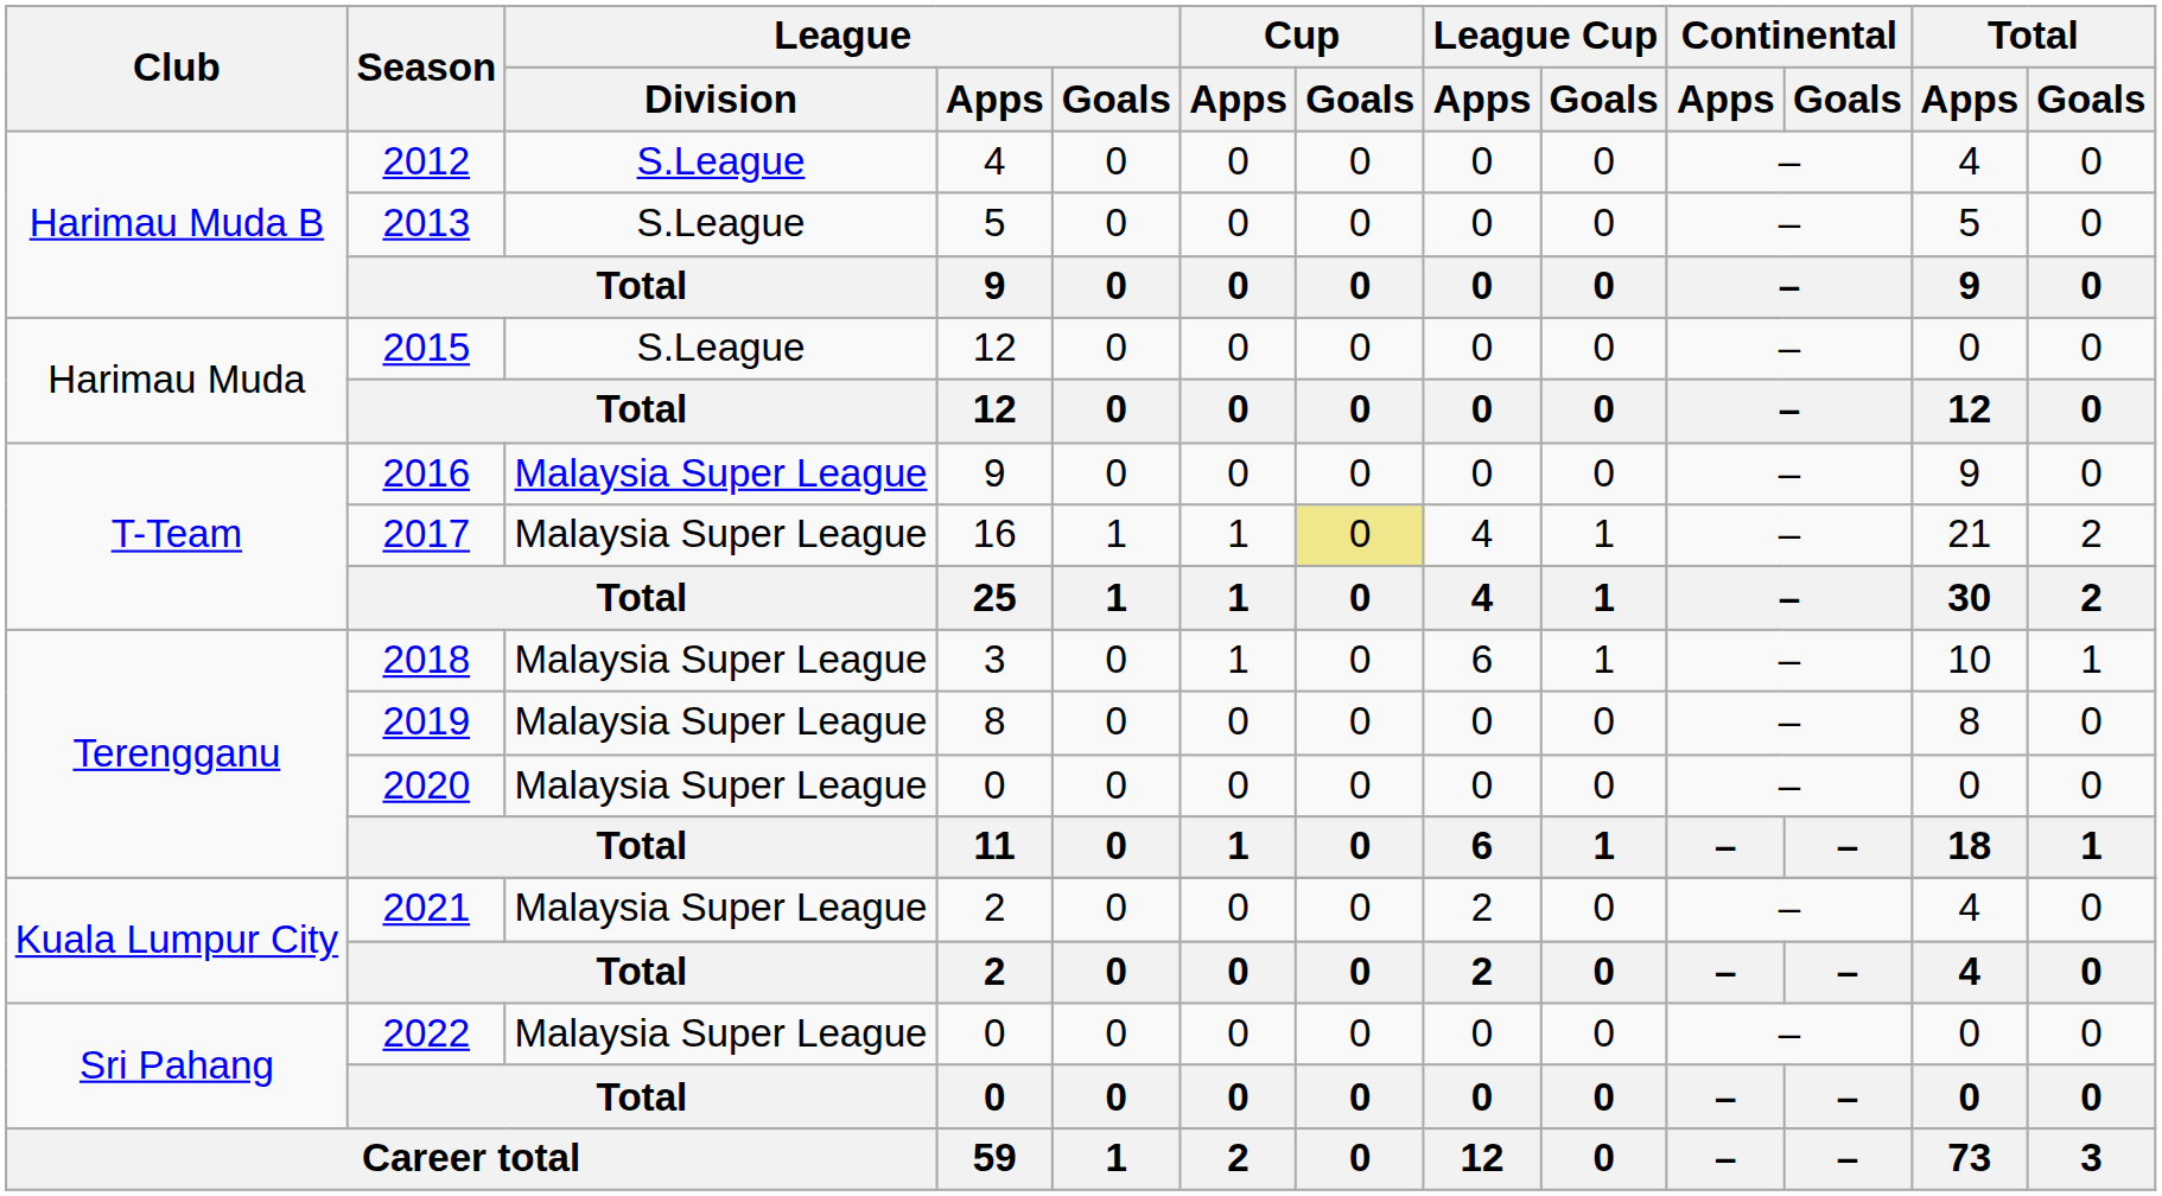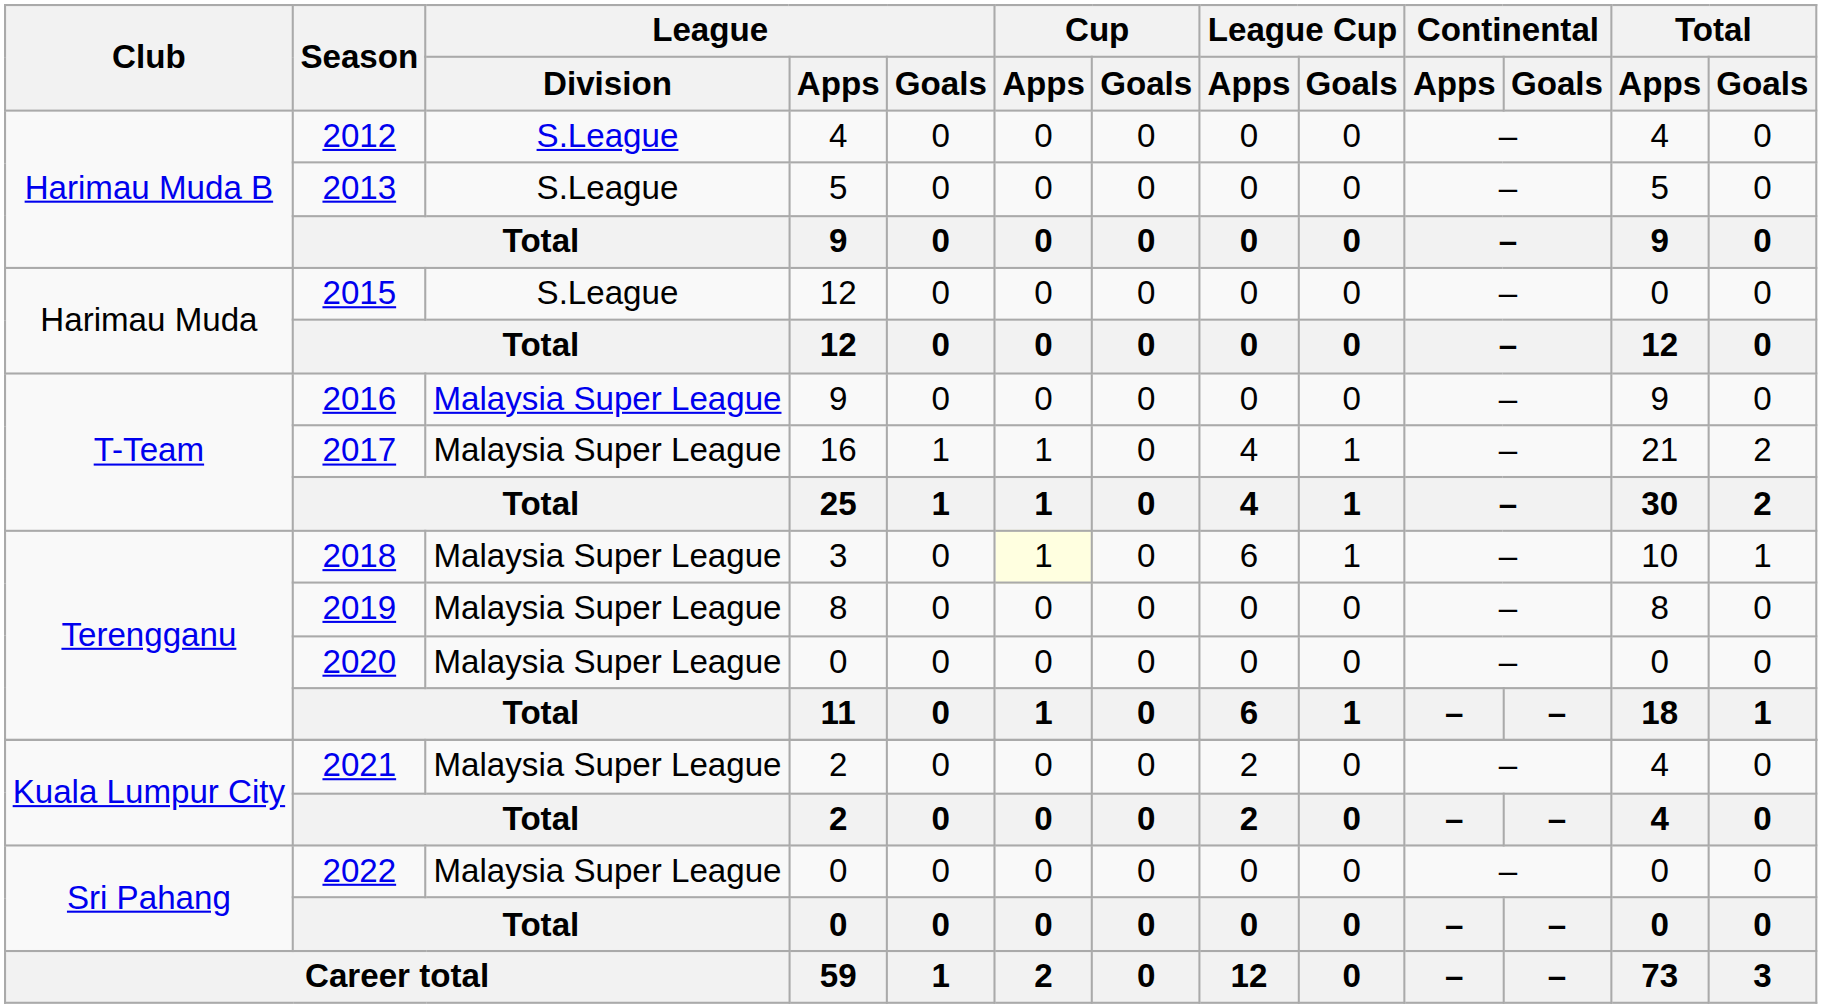 <table class=wikitable style="text-align:center">
 <tr>
 <th rowspan=2>Club</th>
 <th rowspan=2>Season</th>
 <th colspan=3>League</th>
 <th colspan=2>Cup</th>
 <th colspan=2>League Cup</th>
 <th colspan=2>Continental</th>
 <th colspan=2>Total</th>
 </tr>
 <tr>
 <th>Division</th>
 <th>Apps</th>
 <th>Goals</th>
 <th>Apps</th>
 <th>Goals</th>
 <th>Apps</th>
 <th>Goals</th>
 <th>Apps</th>
 <th>Goals</th>
 <th>Apps</th>
 <th>Goals</th>
 </tr>
 <tr>
 <td rowspan=3><a href='#'>Harimau Muda B</a></td>
 <td><a href='#'>2012</a></td>
 <td><a href='#'>S.League</a></td>
 <td>4</td>
 <td>0</td>
 <td>0</td>
 <td>0</td>
 <td>0</td>
 <td>0</td>
 <td colspan=2>–</td>
 <td>4</td>
 <td>0</td>
 </tr>
 <tr>
 <td><a href='#'>2013</a></td>
 <td>S.League</td>
 <td>5</td>
 <td>0</td>
 <td>0</td>
 <td>0</td>
 <td>0</td>
 <td>0</td>
 <td colspan=2>–</td>
 <td>5</td>
 <td>0</td>
 </tr>
 <tr>
 <th colspan="2">Total</th>
 <th>9</th>
 <th>0</th>
 <th>0</th>
 <th>0</th>
 <th>0</th>
 <th>0</th>
 <th colspan=2>–</th>
 <th>9</th>
 <th>0</th>
 </tr>
 <tr>
 <td rowspan=2>Harimau Muda</td>
 <td><a href='#'>2015</a></td>
 <td>S.League</td>
 <td>12</td>
 <td>0</td>
 <td>0</td>
 <td>0</td>
 <td>0</td>
 <td>0</td>
 <td colspan=2>–</td>
 <td>0</td>
 <td>0</td>
 </tr>
 <tr>
 <th colspan="2">Total</th>
 <th>12</th>
 <th>0</th>
 <th>0</th>
 <th>0</th>
 <th>0</th>
 <th>0</th>
 <th colspan=2>–</th>
 <th>12</th>
 <th>0</th>
 </tr>
 <tr>
 <td rowspan=3><a href='#'>T-Team</a></td>
 <td><a href='#'>2016</a></td>
 <td><a href='#'>Malaysia Super League</a></td>
 <td>9</td>
 <td>0</td>
 <td>0</td>
 <td>0</td>
 <td>0</td>
 <td>0</td>
 <td colspan=2>–</td>
 <td>9</td>
 <td>0</td>
 </tr>
 <tr>
 <td><a href='#'>2017</a></td>
 <td>Malaysia Super League</td>
 <td>16</td>
 <td>1</td>
 <td>1</td>
-<td style="background: khaki;">0</td>
+<td>0</td>
 <td>4</td>
 <td>1</td>
 <td colspan=2>–</td>
 <td>21</td>
 <td>2</td>
 </tr>
 <tr>
 <th colspan="2">Total</th>
 <th>25</th>
 <th>1</th>
 <th>1</th>
 <th>0</th>
 <th>4</th>
 <th>1</th>
 <th colspan=2>–</th>
 <th>30</th>
 <th>2</th>
 </tr>
 <tr>
 <td rowspan=4><a href='#'>Terengganu</a></td>
 <td><a href='#'>2018</a></td>
 <td>Malaysia Super League</td>
 <td>3</td>
 <td>0</td>
-<td>1</td>
+<td style="background: lightyellow;">1</td>
 <td>0</td>
 <td>6</td>
 <td>1</td>
 <td colspan=2>–</td>
 <td>10</td>
 <td>1</td>
 </tr>
 <tr>
 <td><a href='#'>2019</a></td>
 <td>Malaysia Super League</td>
 <td>8</td>
 <td>0</td>
 <td>0</td>
 <td>0</td>
 <td>0</td>
 <td>0</td>
 <td colspan=2>–</td>
 <td>8</td>
 <td>0</td>
 </tr>
 <tr>
 <td><a href='#'>2020</a></td>
 <td>Malaysia Super League</td>
 <td>0</td>
 <td>0</td>
 <td>0</td>
 <td>0</td>
 <td>0</td>
 <td>0</td>
 <td colspan=2>–</td>
 <td>0</td>
 <td>0</td>
 </tr>
 <tr>
 <th colspan="2">Total</th>
 <th>11</th>
 <th>0</th>
 <th>1</th>
 <th>0</th>
 <th>6</th>
 <th>1</th>
 <th>–</th>
 <th>–</th>
 <th>18</th>
 <th>1</th>
 </tr>
 <tr>
 </tr>
 <tr>
 <td rowspan=2><a href='#'>Kuala Lumpur City</a></td>
 <td><a href='#'>2021</a></td>
 <td>Malaysia Super League</td>
 <td>2</td>
 <td>0</td>
 <td>0</td>
 <td>0</td>
 <td>2</td>
 <td>0</td>
 <td colspan=2>–</td>
 <td>4</td>
 <td>0</td>
 </tr>
 <tr>
 <th colspan="2">Total</th>
 <th>2</th>
 <th>0</th>
 <th>0</th>
 <th>0</th>
 <th>2</th>
 <th>0</th>
 <th>–</th>
 <th>–</th>
 <th>4</th>
 <th>0</th>
 </tr>
 <tr>
 <td rowspan=2><a href='#'>Sri Pahang</a></td>
 <td><a href='#'>2022</a></td>
 <td>Malaysia Super League</td>
 <td>0</td>
 <td>0</td>
 <td>0</td>
 <td>0</td>
 <td>0</td>
 <td>0</td>
 <td colspan=2>–</td>
 <td>0</td>
 <td>0</td>
 </tr>
 <tr>
 <th colspan="2">Total</th>
 <th>0</th>
 <th>0</th>
 <th>0</th>
 <th>0</th>
 <th>0</th>
 <th>0</th>
 <th>–</th>
 <th>–</th>
 <th>0</th>
 <th>0</th>
 </tr>
 <tr>
 <th colspan="3">Career total</th>
 <th>59</th>
 <th>1</th>
 <th>2</th>
 <th>0</th>
 <th>12</th>
 <th>0</th>
 <th>–</th>
 <th>–</th>
 <th>73</th>
 <th>3</th>
 </tr>
 </table>
